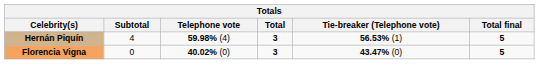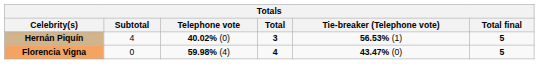 <table class="wikitable collapsible collapsed" style="font-size:90%; text-align: center; width: 100%;">
 <tr>
 <th colspan="11" style="with: 95%;" align=center>Totals</th>
 </tr>
 <tr>
 <th>Celebrity(s)</th>
 <th>Subtotal</th>
 <th>Telephone vote</th>
 <th>Total</th>
 <th>Tie-breaker (Telephone vote)</th>
 <th>Total final</th>
 </tr>
 <tr>
 <td bgcolor="tan"><strong>Hernán Piquín</strong></td>
 <td>4</td>
-<td><strong>59.98%</strong> (4)</td>
+<td><strong>40.02%</strong> (0)</td>
 <td><strong>3</strong></td>
 <td><strong>56.53%</strong> (1)</td>
 <td><strong>5</strong></td>
 </tr>
 <tr>
 <td bgcolor="sandybrown"><strong>Florencia Vigna</strong></td>
 <td>0</td>
-<td><strong>40.02%</strong> (0)</td>
-<td><strong>3</strong></td>
+<td><strong>59.98%</strong> (4)</td>
+<td><strong>4</strong></td>
 <td><strong>43.47%</strong> (0)</td>
 <td><strong>5</strong></td>
 </tr>
 </table>
